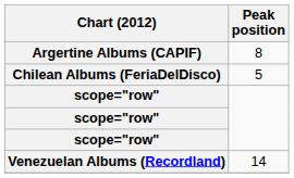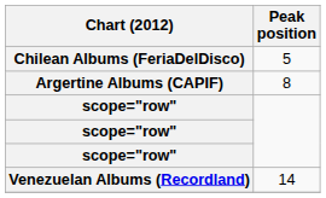 <table class="wikitable sortable plainrowheaders" style="text-align:center">
 <tr>
 <th align="left">Chart (2012)</th>
 <th style="text-align:center;">Peak<br>position</th>
 </tr>
 <tr>
+<th scope="row">Chilean Albums (FeriaDelDisco)</th>
+<td style="text-align:center;">5</td>
+</tr>
+<tr>
 <th scope="row">Argertine Albums (CAPIF)</th>
 <td style="text-align:center;">8</td>
-</tr>
-<tr>
-<th scope="row">Chilean Albums (FeriaDelDisco)</th>
-<td style="text-align:center;">5</td>
 </tr>
 <tr>
 <th>scope="row"</th>
 </tr>
 <tr>
 <th>scope="row"</th>
 </tr>
 <tr>
 <th>scope="row"</th>
 </tr>
 <tr>
 <th scope="row">Venezuelan Albums (<a href='#'>Recordland</a>)</th>
 <td style="text-align:center;">14</td>
 </tr>
 <tr>
 </tr>
 </table>
